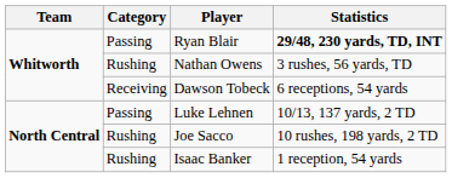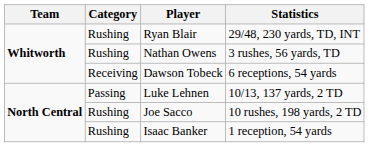 <table class="wikitable" style="float: left;">
 <tr>
 <th>Team</th>
 <th>Category</th>
 <th>Player</th>
 <th>Statistics</th>
 </tr>
 <tr>
 <td rowspan=3><strong>Whitworth</strong></td>
-<td>Passing</td>
+<td>Rushing</td>
 <td>Ryan Blair</td>
-<td><strong>29/48, 230 yards, TD, INT</strong></td>
+<td>29/48, 230 yards, TD, INT</td>
 </tr>
 <tr>
 <td>Rushing</td>
 <td>Nathan Owens</td>
 <td>3 rushes, 56 yards, TD</td>
 </tr>
 <tr>
 <td>Receiving</td>
 <td>Dawson Tobeck</td>
 <td>6 receptions, 54 yards</td>
 </tr>
 <tr>
 <td rowspan=3><strong>North Central</strong></td>
 <td>Passing</td>
 <td>Luke Lehnen</td>
 <td>10/13, 137 yards, 2 TD</td>
 </tr>
 <tr>
 <td>Rushing</td>
 <td>Joe Sacco</td>
 <td>10 rushes, 198 yards, 2 TD</td>
 </tr>
 <tr>
 <td>Rushing</td>
 <td>Isaac Banker</td>
 <td>1 reception, 54 yards</td>
 </tr>
 </table>
